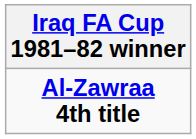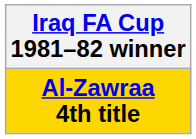 <table class="wikitable" style="text-align: center; margin: 0 auto;">
 <tr>
 <th><a href='#'>Iraq FA Cup</a><br>1981–82 winner</th>
 </tr>
 <tr>
-<td><strong><a href='#'>Al-Zawraa</a></strong><br><strong>4th title</strong></td>
+<td style="background: gold;"><strong><a href='#'>Al-Zawraa</a></strong><br><strong>4th title</strong></td>
 </tr>
 </table>
